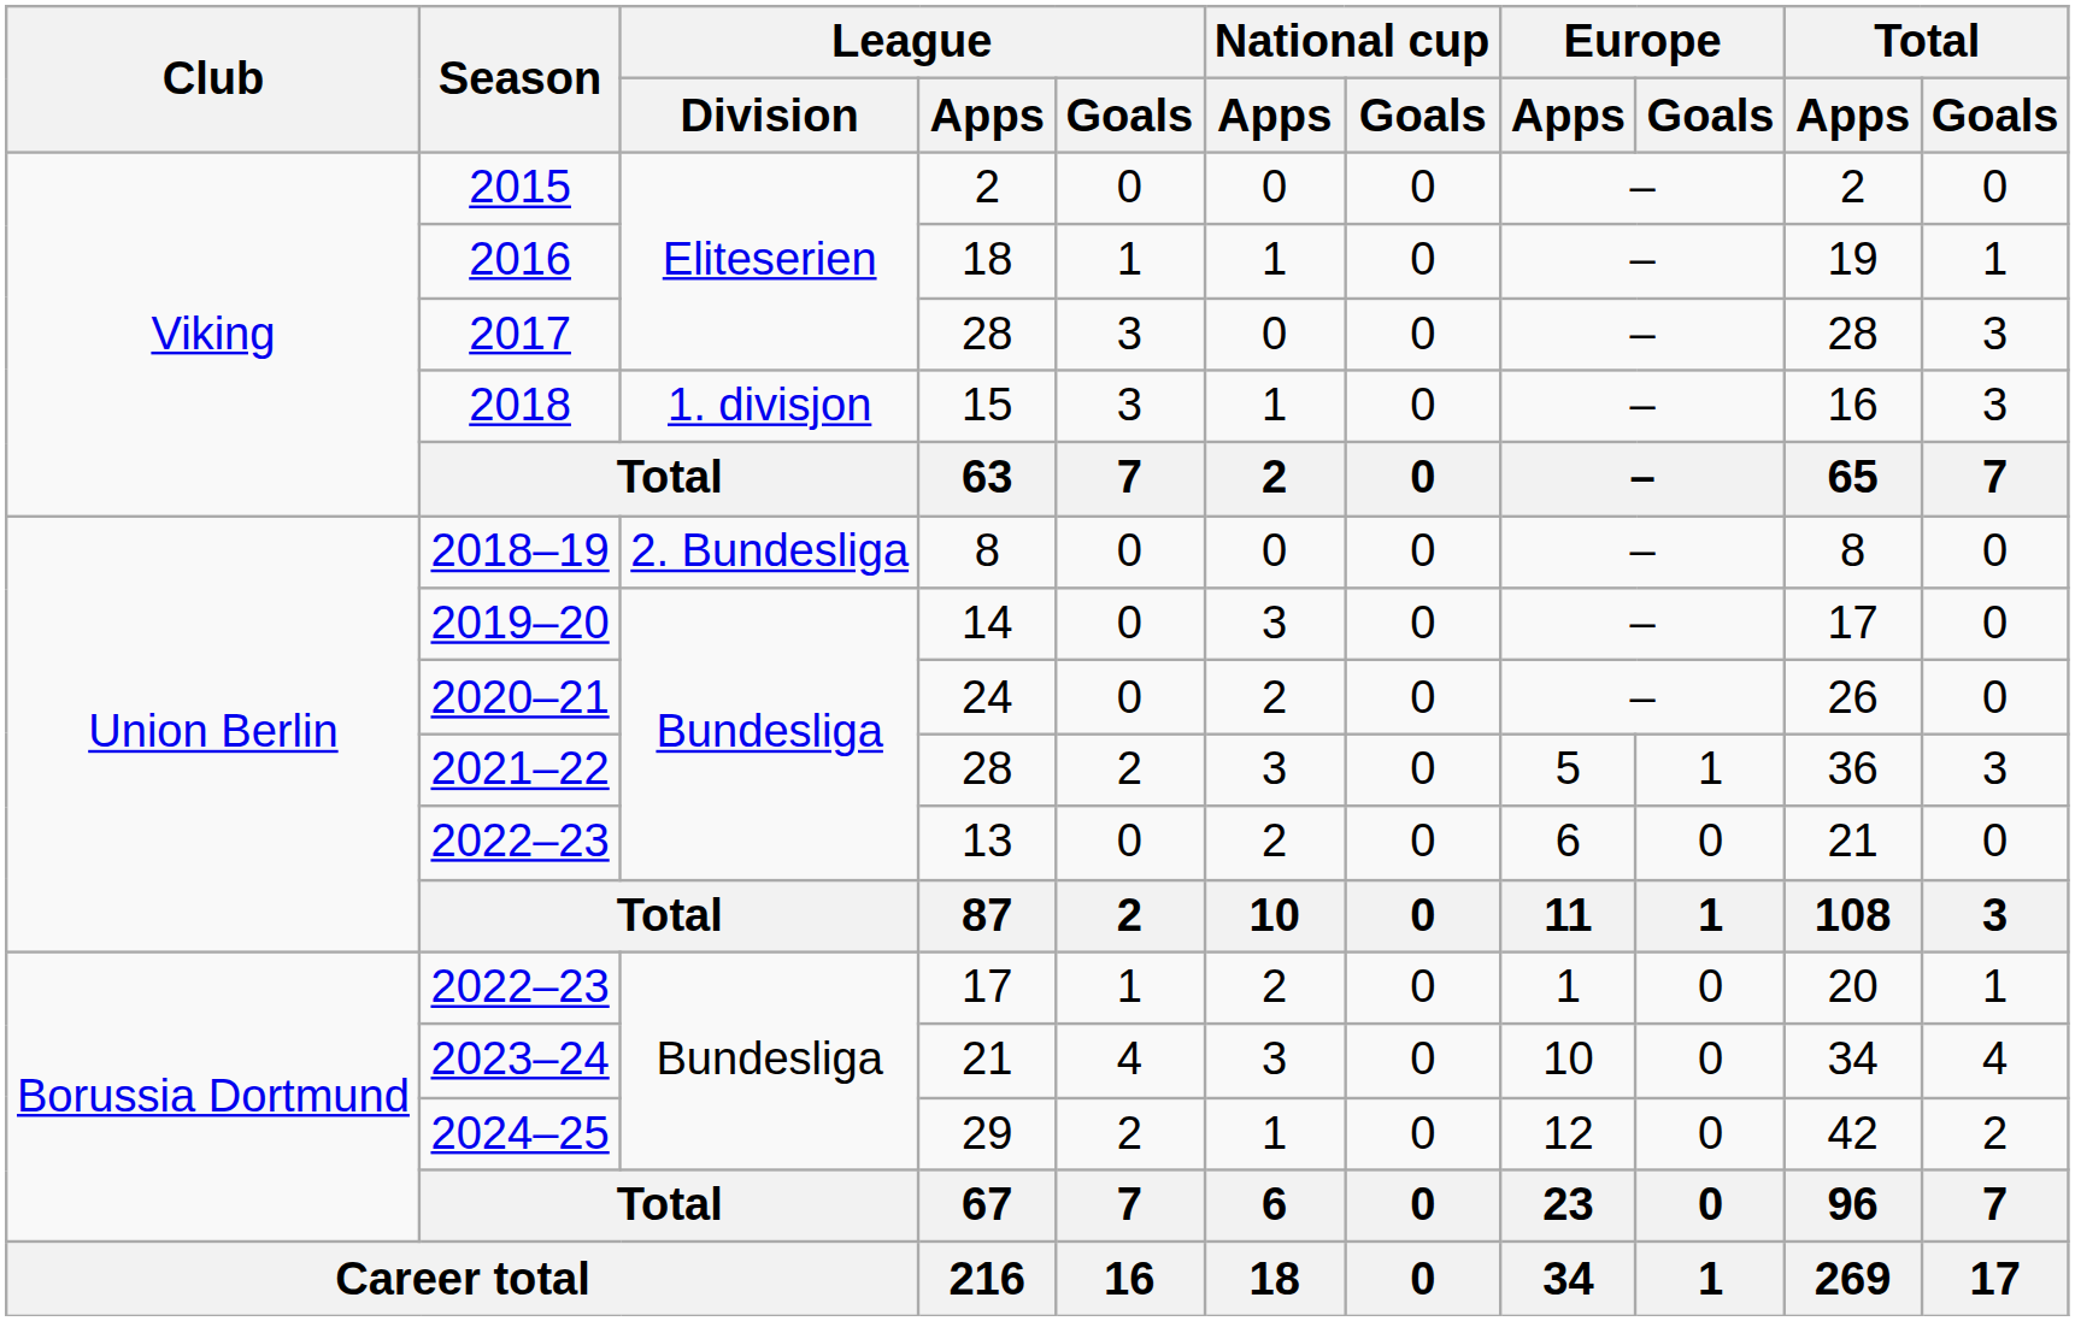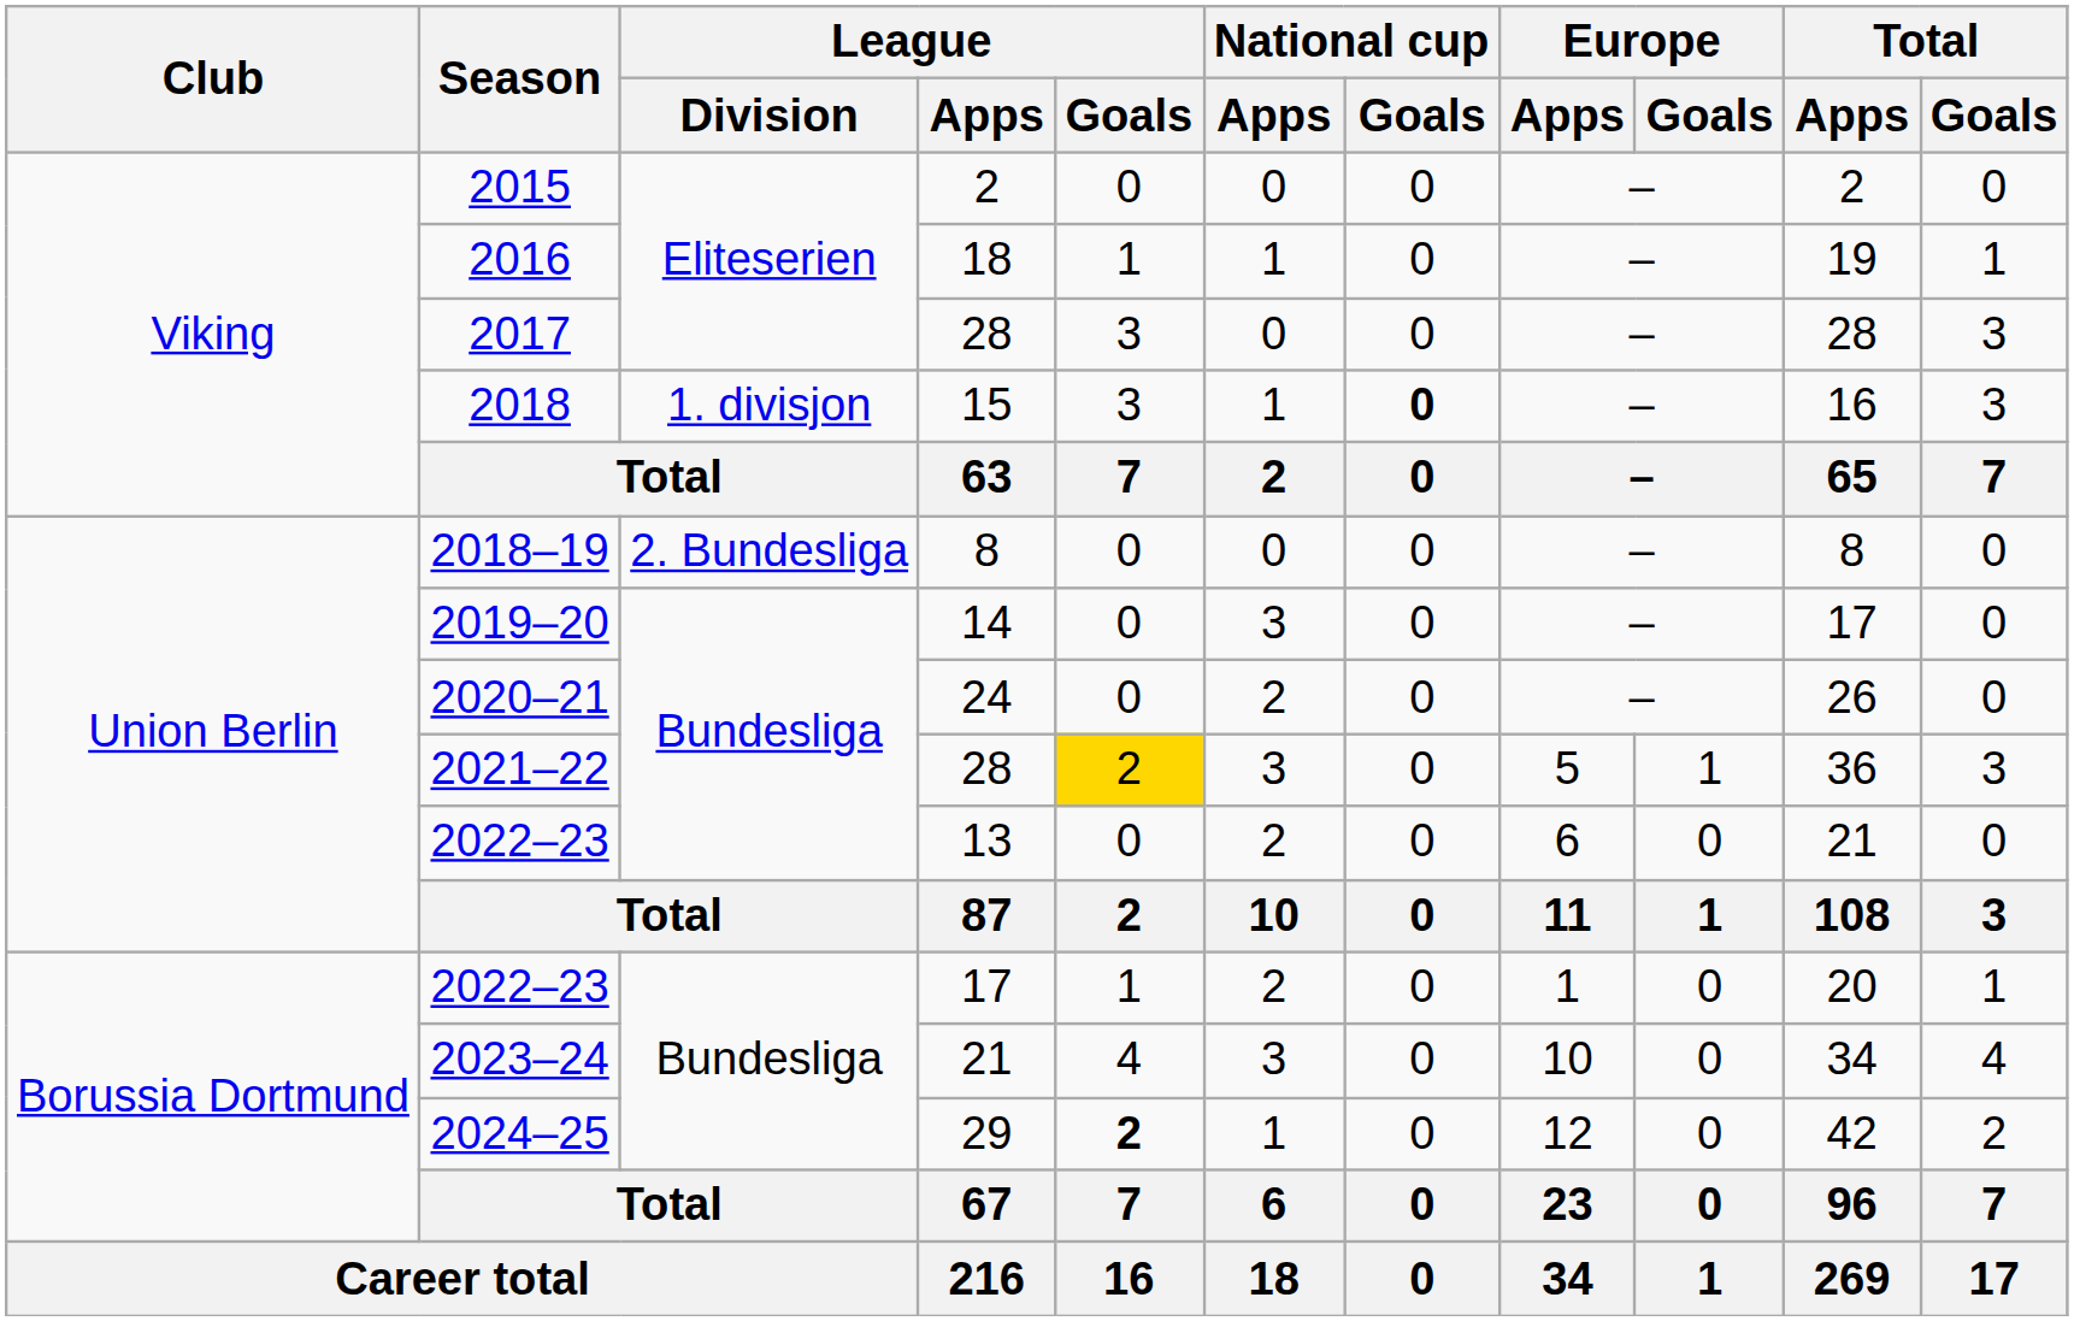 <table class="wikitable" style="text-align: center">
 <tr>
 <th rowspan="2">Club</th>
 <th rowspan="2">Season</th>
 <th colspan="3">League</th>
 <th colspan="2">National cup</th>
 <th colspan="2">Europe</th>
 <th colspan="2">Total</th>
 </tr>
 <tr>
 <th>Division</th>
 <th>Apps</th>
 <th>Goals</th>
 <th>Apps</th>
 <th>Goals</th>
 <th>Apps</th>
 <th>Goals</th>
 <th>Apps</th>
 <th>Goals</th>
 </tr>
 <tr>
 <td rowspan="5"><a href='#'>Viking</a></td>
 <td><a href='#'>2015</a></td>
 <td rowspan="3"><a href='#'>Eliteserien</a></td>
 <td>2</td>
 <td>0</td>
 <td>0</td>
 <td>0</td>
 <td colspan="2">–</td>
 <td>2</td>
 <td>0</td>
 </tr>
 <tr>
 <td><a href='#'>2016</a></td>
 <td>18</td>
 <td>1</td>
 <td>1</td>
 <td>0</td>
 <td colspan="2">–</td>
 <td>19</td>
 <td>1</td>
 </tr>
 <tr>
 <td><a href='#'>2017</a></td>
 <td>28</td>
 <td>3</td>
 <td>0</td>
 <td>0</td>
 <td colspan="2">–</td>
 <td>28</td>
 <td>3</td>
 </tr>
 <tr>
 <td><a href='#'>2018</a></td>
 <td><a href='#'>1. divisjon</a></td>
 <td>15</td>
 <td>3</td>
 <td>1</td>
-<td>0</td>
+<td><strong>0</strong></td>
 <td colspan="2">–</td>
 <td>16</td>
 <td>3</td>
 </tr>
 <tr>
 <th colspan="2">Total</th>
 <th>63</th>
 <th>7</th>
 <th>2</th>
 <th>0</th>
 <th colspan="2">–</th>
 <th>65</th>
 <th>7</th>
 </tr>
 <tr>
 <td rowspan="6"><a href='#'>Union Berlin</a></td>
 <td><a href='#'>2018–19</a></td>
 <td><a href='#'>2. Bundesliga</a></td>
 <td>8</td>
 <td>0</td>
 <td>0</td>
 <td>0</td>
 <td colspan="2">–</td>
 <td>8</td>
 <td>0</td>
 </tr>
 <tr>
 <td><a href='#'>2019–20</a></td>
 <td rowspan="4"><a href='#'>Bundesliga</a></td>
 <td>14</td>
 <td>0</td>
 <td>3</td>
 <td>0</td>
 <td colspan="2">–</td>
 <td>17</td>
 <td>0</td>
 </tr>
 <tr>
 <td><a href='#'>2020–21</a></td>
 <td>24</td>
 <td>0</td>
 <td>2</td>
 <td>0</td>
 <td colspan="2">–</td>
 <td>26</td>
 <td>0</td>
 </tr>
 <tr>
 <td><a href='#'>2021–22</a></td>
 <td>28</td>
-<td>2</td>
+<td style="background: gold;">2</td>
 <td>3</td>
 <td>0</td>
 <td>5</td>
 <td>1</td>
 <td>36</td>
 <td>3</td>
 </tr>
 <tr>
 <td><a href='#'>2022–23</a></td>
 <td>13</td>
 <td>0</td>
 <td>2</td>
 <td>0</td>
 <td>6</td>
 <td>0</td>
 <td>21</td>
 <td>0</td>
 </tr>
 <tr>
 <th colspan="2">Total</th>
 <th>87</th>
 <th>2</th>
 <th>10</th>
 <th>0</th>
 <th>11</th>
 <th>1</th>
 <th>108</th>
 <th>3</th>
 </tr>
 <tr>
 <td rowspan="4"><a href='#'>Borussia Dortmund</a></td>
 <td><a href='#'>2022–23</a></td>
 <td rowspan="3">Bundesliga</td>
 <td>17</td>
 <td>1</td>
 <td>2</td>
 <td>0</td>
 <td>1</td>
 <td>0</td>
 <td>20</td>
 <td>1</td>
 </tr>
 <tr>
 <td><a href='#'>2023–24</a></td>
 <td>21</td>
 <td>4</td>
 <td>3</td>
 <td>0</td>
 <td>10</td>
 <td>0</td>
 <td>34</td>
 <td>4</td>
 </tr>
 <tr>
 <td><a href='#'>2024–25</a></td>
 <td>29</td>
-<td>2</td>
+<td><strong>2</strong></td>
 <td>1</td>
 <td>0</td>
 <td>12</td>
 <td>0</td>
 <td>42</td>
 <td>2</td>
 </tr>
 <tr>
 <th colspan="2">Total</th>
 <th>67</th>
 <th>7</th>
 <th>6</th>
 <th>0</th>
 <th>23</th>
 <th>0</th>
 <th>96</th>
 <th>7</th>
 </tr>
 <tr>
 <th colspan="3">Career total</th>
 <th>216</th>
 <th>16</th>
 <th>18</th>
 <th>0</th>
 <th>34</th>
 <th>1</th>
 <th>269</th>
 <th>17</th>
 </tr>
 </table>
